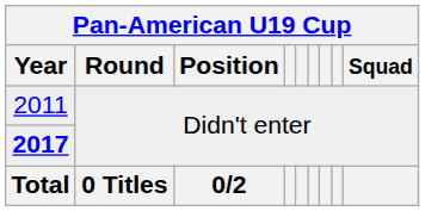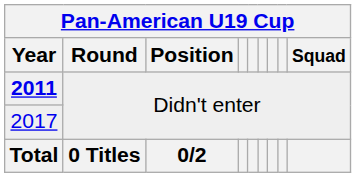 <table class="wikitable" style="text-align: center;">
 <tr>
 <th colspan=9><a href='#'>Pan-American U19 Cup</a></th>
 </tr>
 <tr>
 <th>Year</th>
 <th>Round</th>
 <th>Position</th>
 <th></th>
 <th></th>
 <th></th>
 <th></th>
 <th></th>
 <th><small>Squad</small></th>
 </tr>
 <tr bgcolor="efefef">
-<td> <a href='#'>2011</a></td>
+<td><strong> <a href='#'>2011</a></strong></td>
 <td colspan=9 rowspan=2>Didn't enter</td>
 </tr>
 <tr bgcolor="efefef">
-<td><strong> <a href='#'>2017</a></strong></td>
+<td> <a href='#'>2017</a></td>
 </tr>
 <tr>
 <th>Total</th>
 <th>0 Titles</th>
 <th>0/2</th>
 <th></th>
 <th></th>
 <th></th>
 <th></th>
 <th></th>
 <th></th>
 </tr>
 </table>
